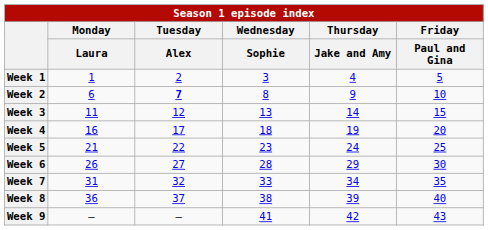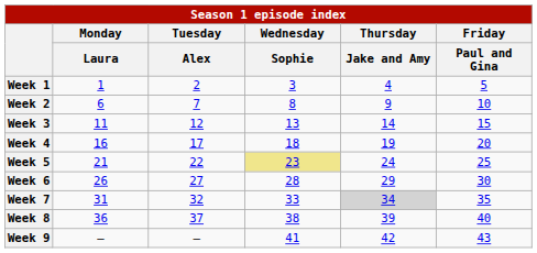 <table class="wikitable collapsible" style="text-align: center">
 <tr>
 <th style="background-color: #B30900; color: #FFFFFF;" colspan="6">Season 1 episode index</th>
 </tr>
 <tr>
 <th rowspan="2"></th>
 <th width="100px">Monday</th>
 <th width="100px">Tuesday</th>
 <th width="100px">Wednesday</th>
 <th width="100px">Thursday</th>
 <th width="100px">Friday</th>
 </tr>
 <tr>
 <th>Laura</th>
 <th>Alex</th>
 <th>Sophie</th>
 <th>Jake and Amy</th>
 <th>Paul and Gina</th>
 </tr>
 <tr>
 <th>Week 1</th>
 <td><a href='#'>1</a></td>
 <td><a href='#'>2</a></td>
 <td><a href='#'>3</a></td>
 <td><a href='#'>4</a></td>
 <td><a href='#'>5</a></td>
 </tr>
 <tr>
 <th>Week 2</th>
 <td><a href='#'>6</a></td>
-<td><strong><a href='#'>7</a></strong></td>
+<td><a href='#'>7</a></td>
 <td><a href='#'>8</a></td>
 <td><a href='#'>9</a></td>
 <td><a href='#'>10</a></td>
 </tr>
 <tr>
 <th>Week 3</th>
 <td><a href='#'>11</a></td>
 <td><a href='#'>12</a></td>
 <td><a href='#'>13</a></td>
 <td><a href='#'>14</a></td>
 <td><a href='#'>15</a></td>
 </tr>
 <tr>
 <th>Week 4</th>
 <td><a href='#'>16</a></td>
 <td><a href='#'>17</a></td>
 <td><a href='#'>18</a></td>
 <td><a href='#'>19</a></td>
 <td><a href='#'>20</a></td>
 </tr>
 <tr>
 <th>Week 5</th>
 <td><a href='#'>21</a></td>
 <td><a href='#'>22</a></td>
-<td><a href='#'>23</a></td>
+<td style="background: khaki;"><a href='#'>23</a></td>
 <td><a href='#'>24</a></td>
 <td><a href='#'>25</a></td>
 </tr>
 <tr>
 <th>Week 6</th>
 <td><a href='#'>26</a></td>
 <td><a href='#'>27</a></td>
 <td><a href='#'>28</a></td>
 <td><a href='#'>29</a></td>
 <td><a href='#'>30</a></td>
 </tr>
 <tr>
 <th>Week 7</th>
 <td><a href='#'>31</a></td>
 <td><a href='#'>32</a></td>
 <td><a href='#'>33</a></td>
-<td><a href='#'>34</a></td>
+<td style="background: lightgrey;"><a href='#'>34</a></td>
 <td><a href='#'>35</a></td>
 </tr>
 <tr>
 <th>Week 8</th>
 <td><a href='#'>36</a></td>
 <td><a href='#'>37</a></td>
 <td><a href='#'>38</a></td>
 <td><a href='#'>39</a></td>
 <td><a href='#'>40</a></td>
 </tr>
 <tr>
 <th>Week 9</th>
 <td>–</td>
 <td>–</td>
 <td><a href='#'>41</a></td>
 <td><a href='#'>42</a></td>
 <td><a href='#'>43</a></td>
 </tr>
 </table>
